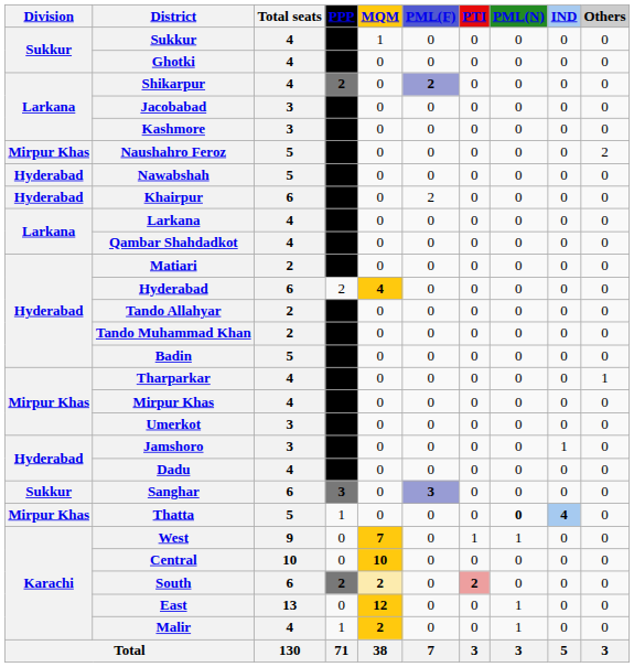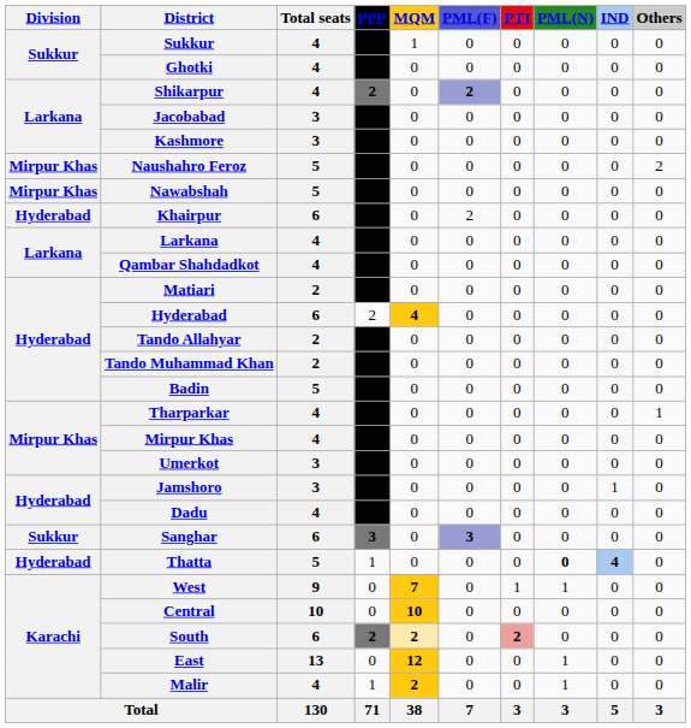 <table class="wikitable sortable" style="text-align:center;">
 <tr bgcolor="#cccccc">
 <th><a href='#'>Division</a></th>
 <th><a href='#'>District</a></th>
 <th>Total seats</th>
 <th style="background:#000000;"><a href='#'><span><strong>PPP</strong></span></a></th>
 <th style="background:#ffc90e;"><a href='#'><span><strong>MQM</strong></span></a></th>
 <th style="background:#5159d0;"><a href='#'><span><strong>PML(F)</strong></span></a></th>
 <th style="background:#E70A0A;"><a href='#'><span><strong>PTI</strong></span></a></th>
 <th style="background:#228b22;"><a href='#'><span><strong>PML(N)</strong></span></a></th>
 <th style="background:#a6caf0;"><a href='#'><span><strong>IND</strong></span></a></th>
 <td><span><strong>Others</strong></span></td>
 </tr>
 <tr>
 <th rowspan="2"><a href='#'>Sukkur</a></th>
 <th><a href='#'>Sukkur</a></th>
 <th>4</th>
 <td bgcolor="#000000"><span><strong>3</strong></span></td>
 <td>1</td>
 <td>0</td>
 <td>0</td>
 <td>0</td>
 <td>0</td>
 <td>0</td>
 </tr>
 <tr>
 <th><a href='#'>Ghotki</a></th>
 <th>4</th>
 <td bgcolor="#000000"><span><strong>4</strong></span></td>
 <td>0</td>
 <td>0</td>
 <td>0</td>
 <td>0</td>
 <td>0</td>
 <td>0</td>
 </tr>
 <tr>
 <th rowspan="3"><a href='#'>Larkana</a></th>
 <th><a href='#'>Shikarpur</a></th>
 <th>4</th>
 <td bgcolor="#787878"><span><strong>2</strong></span></td>
 <td>0</td>
 <td bgcolor="#989cd4"><span><strong>2</strong></span></td>
 <td>0</td>
 <td>0</td>
 <td>0</td>
 <td>0</td>
 </tr>
 <tr>
 <th><a href='#'>Jacobabad</a></th>
 <th>3</th>
 <td bgcolor="#000000"><span><strong>3</strong></span></td>
 <td>0</td>
 <td>0</td>
 <td>0</td>
 <td>0</td>
 <td>0</td>
 <td>0</td>
 </tr>
 <tr>
 <th><a href='#'>Kashmore</a></th>
 <th>3</th>
 <td bgcolor="#000000"><span><strong>3</strong></span></td>
 <td>0</td>
 <td>0</td>
 <td>0</td>
 <td>0</td>
 <td>0</td>
 <td>0</td>
 </tr>
 <tr>
 <th><a href='#'>Mirpur Khas</a></th>
 <th><a href='#'>Naushahro Feroz</a></th>
 <th>5</th>
 <td bgcolor="#000000"><span><strong>3</strong></span></td>
 <td>0</td>
 <td>0</td>
 <td>0</td>
 <td>0</td>
 <td>0</td>
 <td>2</td>
 </tr>
 <tr>
-<th><a href='#'>Hyderabad</a></th>
+<th><a href='#'>Mirpur Khas</a></th>
 <th><a href='#'>Nawabshah</a></th>
 <th>5</th>
 <td bgcolor="#000000"><span><strong>5</strong></span></td>
 <td>0</td>
 <td>0</td>
 <td>0</td>
 <td>0</td>
 <td>0</td>
 <td>0</td>
 </tr>
 <tr>
 <th><a href='#'>Hyderabad</a></th>
 <th><a href='#'>Khairpur</a></th>
 <th>6</th>
 <td bgcolor="#000000"><span><strong>4</strong></span></td>
 <td>0</td>
 <td>2</td>
 <td>0</td>
 <td>0</td>
 <td>0</td>
 <td>0</td>
 </tr>
 <tr>
 <th rowspan="2"><a href='#'>Larkana</a></th>
 <th><a href='#'>Larkana</a></th>
 <th>4</th>
 <td bgcolor="#000000"><span><strong>4</strong></span></td>
 <td>0</td>
 <td>0</td>
 <td>0</td>
 <td>0</td>
 <td>0</td>
 <td>0</td>
 </tr>
 <tr>
 <th><a href='#'>Qambar Shahdadkot</a></th>
 <th>4</th>
 <td bgcolor="#000000"><span><strong>4</strong></span></td>
 <td>0</td>
 <td>0</td>
 <td>0</td>
 <td>0</td>
 <td>0</td>
 <td>0</td>
 </tr>
 <tr>
 <th rowspan="5"><a href='#'>Hyderabad</a></th>
 <th><a href='#'>Matiari</a></th>
 <th>2</th>
 <td bgcolor="#000000"><span><strong>2</strong></span></td>
 <td>0</td>
 <td>0</td>
 <td>0</td>
 <td>0</td>
 <td>0</td>
 <td>0</td>
 </tr>
 <tr>
 <th><a href='#'>Hyderabad</a></th>
 <th>6</th>
 <td>2</td>
 <td bgcolor=#ffc90e><span><strong>4</strong></span></td>
 <td>0</td>
 <td>0</td>
 <td>0</td>
 <td>0</td>
 <td>0</td>
 </tr>
 <tr>
 <th><a href='#'>Tando Allahyar</a></th>
 <th>2</th>
 <td bgcolor="#000000"><span><strong>2</strong></span></td>
 <td>0</td>
 <td>0</td>
 <td>0</td>
 <td>0</td>
 <td>0</td>
 <td>0</td>
 </tr>
 <tr>
 <th><a href='#'>Tando Muhammad Khan</a></th>
 <th>2</th>
 <td bgcolor="#000000"><span><strong>2</strong></span></td>
 <td>0</td>
 <td>0</td>
 <td>0</td>
 <td>0</td>
 <td>0</td>
 <td>0</td>
 </tr>
 <tr>
 <th><a href='#'>Badin</a></th>
 <th>5</th>
 <td bgcolor="#000000"><span><strong>5</strong></span></td>
 <td>0</td>
 <td>0</td>
 <td>0</td>
 <td>0</td>
 <td>0</td>
 <td>0</td>
 </tr>
 <tr>
 <th rowspan="3"><a href='#'>Mirpur Khas</a></th>
 <th><a href='#'>Tharparkar</a></th>
 <th>4</th>
 <td bgcolor="#000000"><span><strong>3</strong></span></td>
 <td>0</td>
 <td>0</td>
 <td>0</td>
 <td>0</td>
 <td>0</td>
 <td>1</td>
 </tr>
 <tr>
 <th><a href='#'>Mirpur Khas</a></th>
 <th>4</th>
 <td bgcolor="#000000"><span><strong>4</strong></span></td>
 <td>0</td>
 <td>0</td>
 <td>0</td>
 <td>0</td>
 <td>0</td>
 <td>0</td>
 </tr>
 <tr>
 <th><a href='#'>Umerkot</a></th>
 <th>3</th>
 <td bgcolor="#000000"><span><strong>3</strong></span></td>
 <td>0</td>
 <td>0</td>
 <td>0</td>
 <td>0</td>
 <td>0</td>
 <td>0</td>
 </tr>
 <tr>
 <th rowspan="2"><a href='#'>Hyderabad</a></th>
 <th><a href='#'>Jamshoro</a></th>
 <th>3</th>
 <td bgcolor="#000000"><span><strong>2</strong></span></td>
 <td>0</td>
 <td>0</td>
 <td>0</td>
 <td>0</td>
 <td>1</td>
 <td>0</td>
 </tr>
 <tr>
 <th><a href='#'>Dadu</a></th>
 <th>4</th>
 <td bgcolor="#000000"><span><strong>4</strong></span></td>
 <td>0</td>
 <td>0</td>
 <td>0</td>
 <td>0</td>
 <td>0</td>
 <td>0</td>
 </tr>
 <tr>
 <th><a href='#'>Sukkur</a></th>
 <th><a href='#'>Sanghar</a></th>
 <th>6</th>
 <td bgcolor="#787878"><span><strong>3</strong></span></td>
 <td>0</td>
 <td bgcolor="#989cd4"><span><strong>3</strong></span></td>
 <td>0</td>
 <td>0</td>
 <td>0</td>
 <td>0</td>
 </tr>
 <tr>
-<th><a href='#'>Mirpur Khas</a></th>
+<th><a href='#'>Hyderabad</a></th>
 <th><a href='#'>Thatta</a></th>
 <th>5</th>
 <td>1</td>
 <td>0</td>
 <td>0</td>
 <td>0</td>
 <td><strong>0</strong></td>
 <td bgcolor="#a6caf0"><span><strong>4</strong></span></td>
 <td>0</td>
 </tr>
 <tr>
 <th rowspan="5"><a href='#'>Karachi</a></th>
 <th><a href='#'>West</a></th>
 <th>9</th>
 <td>0</td>
 <td bgcolor=#ffc90e><span><strong>7</strong></span></td>
 <td>0</td>
 <td>1</td>
 <td>1</td>
 <td>0</td>
 <td>0</td>
 </tr>
 <tr>
 <th><a href='#'>Central</a></th>
 <th>10</th>
 <td>0</td>
 <td bgcolor=#ffc90e><span><strong>10</strong></span></td>
 <td>0</td>
 <td>0</td>
 <td>0</td>
 <td>0</td>
 <td>0</td>
 </tr>
 <tr>
 <th><a href='#'>South</a></th>
 <th>6</th>
 <td bgcolor="#787878"><span><strong>2</strong></span></td>
 <td bgcolor=#fcebae><span><strong>2</strong></span></td>
 <td>0</td>
 <td bgcolor=#ed9f9f><span><strong>2</strong></span></td>
 <td>0</td>
 <td>0</td>
 <td>0</td>
 </tr>
 <tr>
 <th><a href='#'>East</a></th>
 <th>13</th>
 <td>0</td>
 <td bgcolor=#ffc90e><span><strong>12</strong></span></td>
 <td>0</td>
 <td>0</td>
 <td>1</td>
 <td>0</td>
 <td>0</td>
 </tr>
 <tr>
 <th><a href='#'>Malir</a></th>
 <th>4</th>
 <td>1</td>
 <td bgcolor=#ffc90e><span><strong>2</strong></span></td>
 <td>0</td>
 <td>0</td>
 <td>1</td>
 <td>0</td>
 <td>0</td>
 </tr>
 <tr>
 <th colspan="2">Total</th>
 <th>130</th>
 <th>71</th>
 <th>38</th>
 <th>7</th>
 <th>3</th>
 <th>3</th>
 <th>5</th>
 <th>3</th>
 </tr>
 </table>
